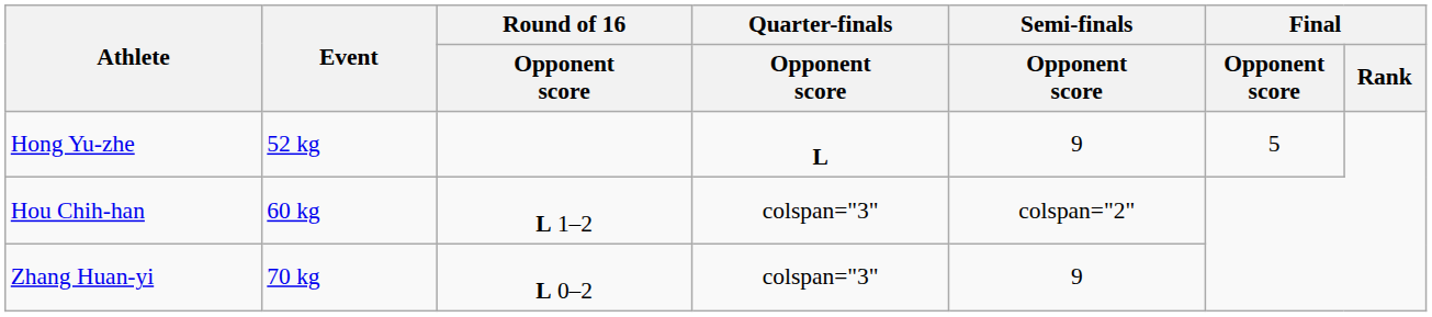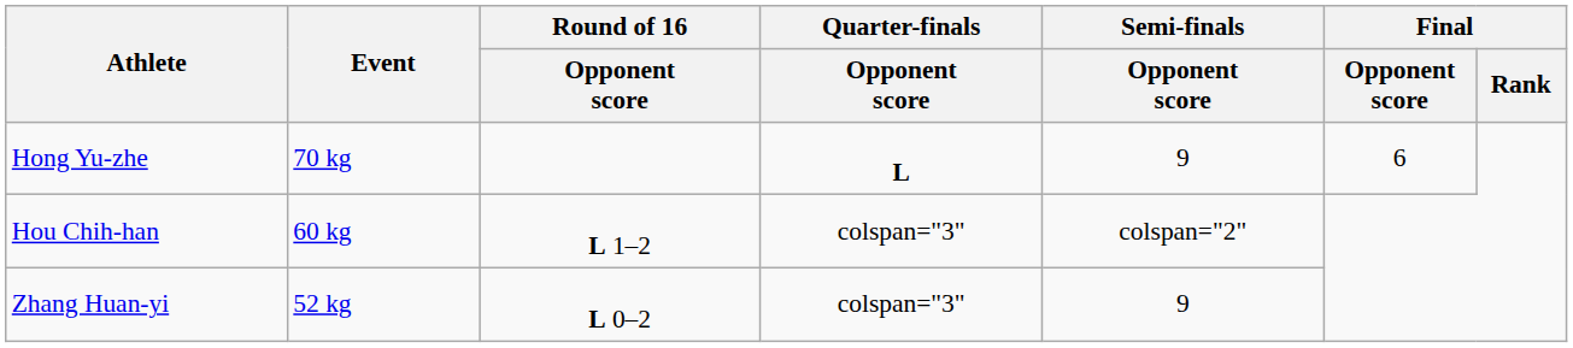 <table class="wikitable" style="font-size:90%; text-align:center">
 <tr>
 <th rowspan="2" width="150">Athlete</th>
 <th rowspan="2" width="100">Event</th>
 <th width="150">Round of 16</th>
 <th width="150">Quarter-finals</th>
 <th width="150">Semi-finals</th>
 <th colspan="2" width="150">Final</th>
 </tr>
 <tr>
 <th>Opponent<br>score</th>
 <th>Opponent<br>score</th>
 <th>Opponent<br>score</th>
 <th>Opponent<br>score</th>
 <th>Rank</th>
 </tr>
 <tr>
 <td align="left"><a href='#'>Hong Yu-zhe</a></td>
-<td align="left"><a href='#'>52 kg</a></td>
+<td align="left"><a href='#'>70 kg</a></td>
 <td></td>
 <td><br><strong>L</strong> </td>
 <td>9</td>
-<td>5</td>
+<td>6</td>
 </tr>
 <tr>
 <td align="left"><a href='#'>Hou Chih-han</a></td>
 <td align="left"><a href='#'>60 kg</a></td>
 <td><br><strong>L</strong> 1–2</td>
 <td>colspan="3" </td>
 <td>colspan="2" </td>
 </tr>
 <tr>
 <td align="left"><a href='#'>Zhang Huan-yi</a></td>
-<td align="left"><a href='#'>70 kg</a></td>
+<td align="left"><a href='#'>52 kg</a></td>
 <td><br><strong>L</strong> 0–2</td>
 <td>colspan="3" </td>
 <td>9</td>
 </tr>
 </table>
